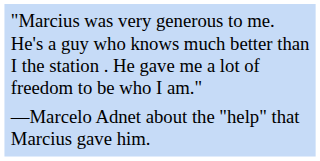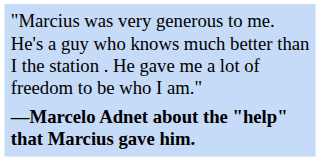 <table class="toccolours" style="float: left; margin-left: 1em; margin-right: 2em; font-size: 95%; background:#c6dbf7; color:black; width:25em; max-width: 20%;" cellspacing="4">
 <tr>
 <td style="text-align: left;">"Marcius was very generous to me. He's a guy who knows much better than I the station . He gave me a lot of freedom to be who I am."</td>
 </tr>
 <tr>
-<td style="text-align: left;">—Marcelo Adnet about the "help" that Marcius gave him.</td>
+<td style="text-align: left;"><strong>—Marcelo Adnet about the "help" that Marcius gave him.</strong></td>
 </tr>
 </table>
